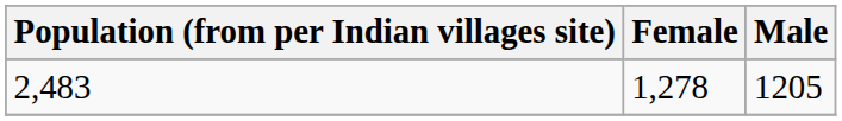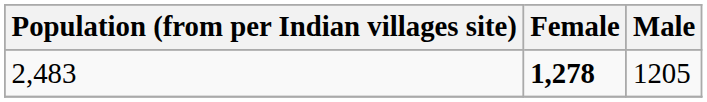 <table class="wikitable">
 <tr>
 <th>Population (from per Indian villages site)</th>
 <th>Female</th>
 <th>Male</th>
 </tr>
 <tr>
 <td>2,483</td>
-<td>1,278</td>
+<td><strong>1,278</strong></td>
 <td>1205</td>
 </tr>
 <tr>
 </tr>
 </table>
